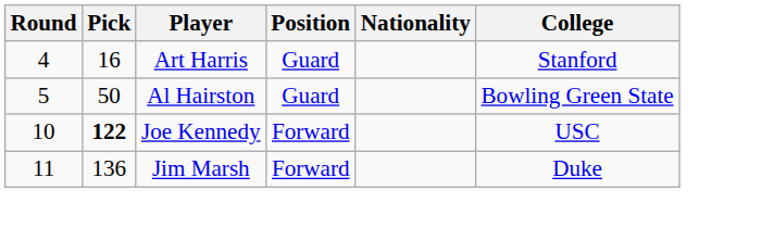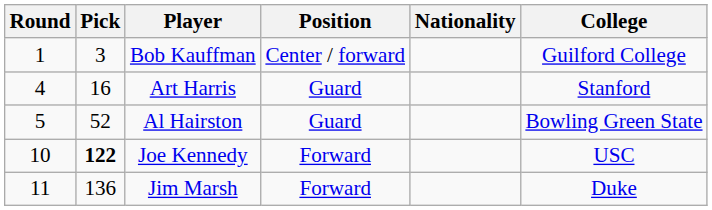 <table class="wikitable sortable sortable">
 <tr>
 <th>Round</th>
 <th>Pick</th>
 <th>Player</th>
 <th>Position</th>
 <th>Nationality</th>
 <th>College</th>
+</tr>
+<tr align=center>
+<td>1</td>
+<td>3</td>
+<td><a href='#'>Bob Kauffman</a></td>
+<td><a href='#'>Center</a> / <a href='#'>forward</a></td>
+<td></td>
+<td><a href='#'>Guilford College</a></td>
 </tr>
 <tr align=center>
 <td>4</td>
 <td>16</td>
 <td><a href='#'>Art Harris</a></td>
 <td><a href='#'>Guard</a></td>
 <td></td>
 <td><a href='#'>Stanford</a></td>
 </tr>
 <tr align=center>
 <td>5</td>
-<td>50</td>
+<td>52</td>
 <td><a href='#'>Al Hairston</a></td>
 <td><a href='#'>Guard</a></td>
 <td></td>
 <td><a href='#'>Bowling Green State</a></td>
 </tr>
 <tr align=center>
 <td>10</td>
 <td><strong>122</strong></td>
 <td><a href='#'>Joe Kennedy</a></td>
 <td><a href='#'>Forward</a></td>
 <td></td>
 <td><a href='#'>USC</a></td>
 </tr>
 <tr align=center>
 <td>11</td>
 <td>136</td>
 <td><a href='#'>Jim Marsh</a></td>
 <td><a href='#'>Forward</a></td>
 <td></td>
 <td><a href='#'>Duke</a></td>
 </tr>
 </table>
